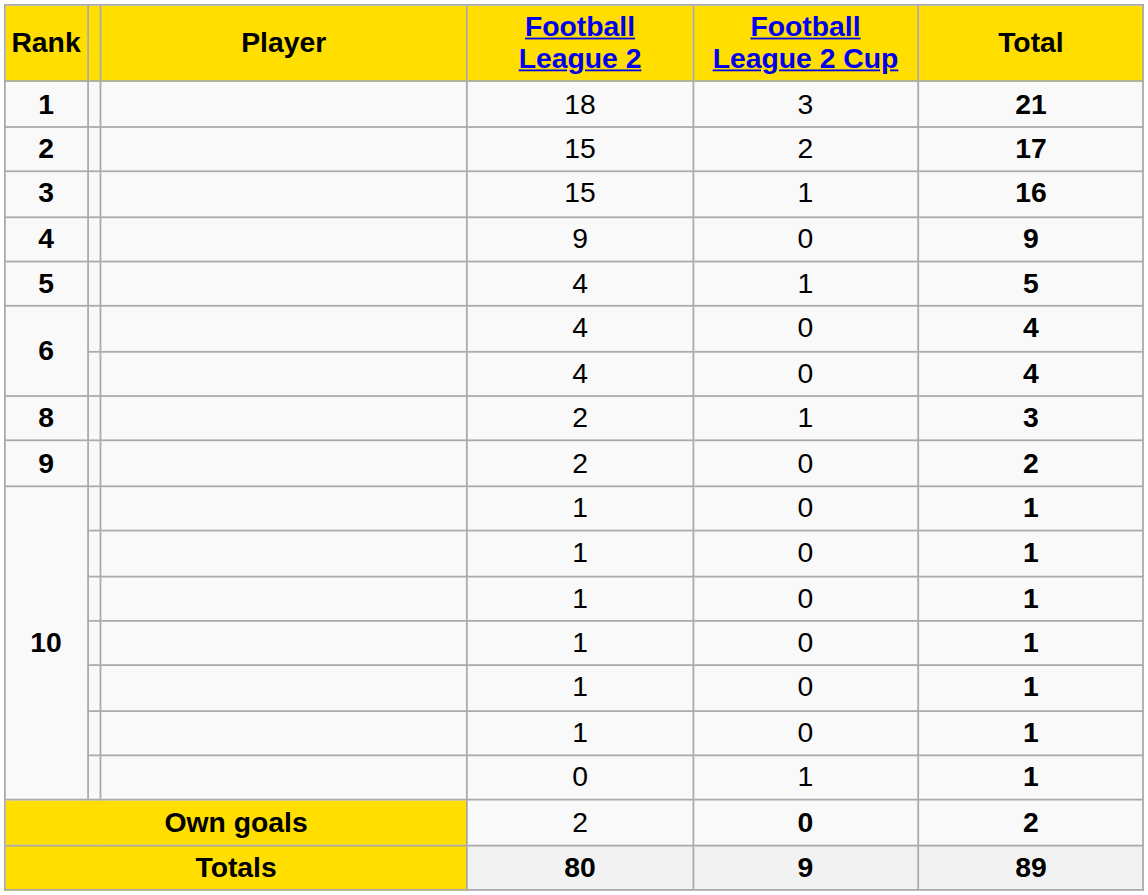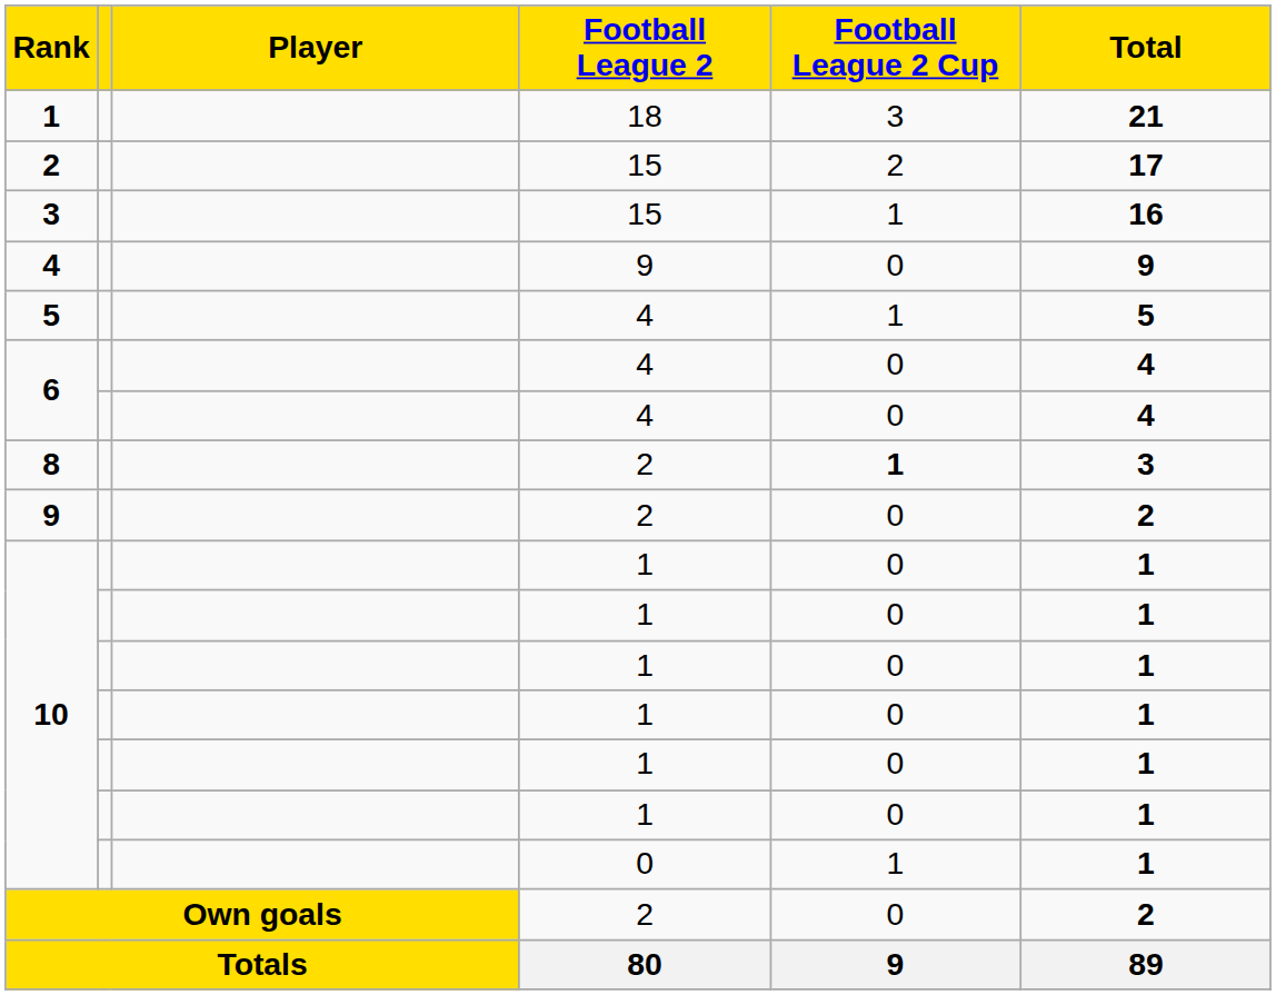 <table class="wikitable sortable" style="text-align: center">
 <tr>
 <th style="background:#FFDE00">Rank</th>
 <th style="background:#FFDE00"></th>
 <th width=200 style="background:#FFDE00">Player</th>
 <th width=120 style="background:#FFDE00"><a href='#'>Football League 2</a></th>
 <th width=120 style="background:#FFDE00"><a href='#'>Football League 2 Cup</a></th>
 <th width=120 style="background:#FFDE00">Total</th>
 </tr>
 <tr>
 <td><strong>1</strong></td>
 <td></td>
 <td align=left></td>
 <td>18</td>
 <td>3</td>
 <td><strong>21</strong></td>
 </tr>
 <tr>
 <td><strong>2</strong></td>
 <td></td>
 <td align=left></td>
 <td>15</td>
 <td>2</td>
 <td><strong>17</strong></td>
 </tr>
 <tr>
 <td><strong>3</strong></td>
 <td></td>
 <td align=left></td>
 <td>15</td>
 <td>1</td>
 <td><strong>16</strong></td>
 </tr>
 <tr>
 <td><strong>4</strong></td>
 <td></td>
 <td align=left></td>
 <td>9</td>
 <td>0</td>
 <td><strong>9</strong></td>
 </tr>
 <tr>
 <td><strong>5</strong></td>
 <td></td>
 <td align=left></td>
 <td>4</td>
 <td>1</td>
 <td><strong>5</strong></td>
 </tr>
 <tr>
 <td rowspan=2><strong>6</strong></td>
 <td></td>
 <td align=left></td>
 <td>4</td>
 <td>0</td>
 <td><strong>4</strong></td>
 </tr>
 <tr>
 <td></td>
 <td align=left></td>
 <td>4</td>
 <td>0</td>
 <td><strong>4</strong></td>
 </tr>
 <tr>
 <td><strong>8</strong></td>
 <td></td>
 <td align=left></td>
 <td>2</td>
-<td>1</td>
+<td><strong>1</strong></td>
 <td><strong>3</strong></td>
 </tr>
 <tr>
 <td><strong>9</strong></td>
 <td></td>
 <td align=left></td>
 <td>2</td>
 <td>0</td>
 <td><strong>2</strong></td>
 </tr>
 <tr>
 <td rowspan=7><strong>10</strong></td>
 <td></td>
 <td align=left></td>
 <td>1</td>
 <td>0</td>
 <td><strong>1</strong></td>
 </tr>
 <tr>
 <td></td>
 <td align=left></td>
 <td>1</td>
 <td>0</td>
 <td><strong>1</strong></td>
 </tr>
 <tr>
 <td></td>
 <td align=left></td>
 <td>1</td>
 <td>0</td>
 <td><strong>1</strong></td>
 </tr>
 <tr>
 <td></td>
 <td align=left></td>
 <td>1</td>
 <td>0</td>
 <td><strong>1</strong></td>
 </tr>
 <tr>
 <td></td>
 <td align=left></td>
 <td>1</td>
 <td>0</td>
 <td><strong>1</strong></td>
 </tr>
 <tr>
 <td></td>
 <td align=left></td>
 <td>1</td>
 <td>0</td>
 <td><strong>1</strong></td>
 </tr>
 <tr>
 <td></td>
 <td align=left></td>
 <td>0</td>
 <td>1</td>
 <td><strong>1</strong></td>
 </tr>
 <tr class="sortbottom">
 <td colspan=3 style="background:#FFDE00"><strong>Own goals</strong></td>
 <td>2</td>
-<td><strong>0</strong></td>
+<td>0</td>
 <td><strong>2</strong></td>
 </tr>
 <tr class="sortbottom">
 <th colspan=3 style="background:#FFDE00"><strong>Totals</strong></th>
 <th><strong>80</strong></th>
 <th><strong> 9</strong></th>
 <th><strong>89</strong></th>
 </tr>
 </table>
